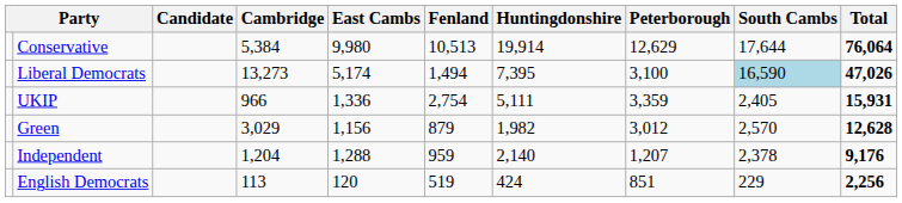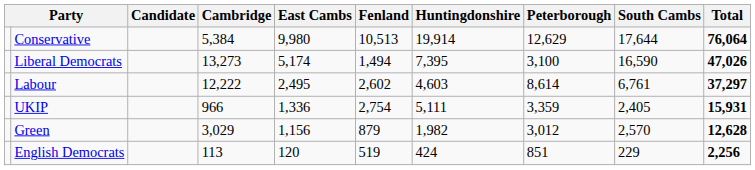 <table class="wikitable sortable">
 <tr>
 <th colspan="2">Party</th>
 <th>Candidate</th>
 <th>Cambridge</th>
 <th>East Cambs</th>
 <th>Fenland</th>
 <th>Huntingdonshire</th>
 <th>Peterborough</th>
 <th>South Cambs</th>
 <th>Total</th>
 </tr>
 <tr>
 <td style="background-color: "></td>
 <td><a href='#'>Conservative</a></td>
 <td></td>
 <td>5,384</td>
 <td>9,980</td>
 <td>10,513</td>
 <td>19,914</td>
 <td>12,629</td>
 <td>17,644</td>
 <td><strong>76,064</strong></td>
 </tr>
 <tr>
 <td style="background-color: "></td>
 <td><a href='#'>Liberal Democrats</a></td>
 <td></td>
 <td>13,273</td>
 <td>5,174</td>
 <td>1,494</td>
 <td>7,395</td>
 <td>3,100</td>
-<td style="background: lightblue;">16,590</td>
+<td>16,590</td>
 <td><strong>47,026</strong></td>
+</tr>
+<tr>
+<td style="background-color: "></td>
+<td><a href='#'>Labour</a></td>
+<td></td>
+<td>12,222</td>
+<td>2,495</td>
+<td>2,602</td>
+<td>4,603</td>
+<td>8,614</td>
+<td>6,761</td>
+<td><strong>37,297</strong></td>
 </tr>
 <tr>
 <td style="background-color: "></td>
 <td><a href='#'>UKIP</a></td>
 <td></td>
 <td>966</td>
 <td>1,336</td>
 <td>2,754</td>
 <td>5,111</td>
 <td>3,359</td>
 <td>2,405</td>
 <td><strong>15,931</strong></td>
 </tr>
 <tr>
 <td style="background-color: "></td>
 <td><a href='#'>Green</a></td>
 <td></td>
 <td>3,029</td>
 <td>1,156</td>
 <td>879</td>
 <td>1,982</td>
 <td>3,012</td>
 <td>2,570</td>
 <td><strong>12,628</strong></td>
 </tr>
 <tr>
 <td style="background-color: "></td>
-<td><a href='#'>Independent</a></td>
-<td></td>
-<td>1,204</td>
-<td>1,288</td>
-<td>959</td>
-<td>2,140</td>
-<td>1,207</td>
-<td>2,378</td>
-<td><strong>9,176</strong></td>
-</tr>
-<tr>
-<td style="background-color: "></td>
 <td><a href='#'>English Democrats</a></td>
 <td></td>
 <td>113</td>
 <td>120</td>
 <td>519</td>
 <td>424</td>
 <td>851</td>
 <td>229</td>
 <td><strong>2,256</strong></td>
 </tr>
 </table>
